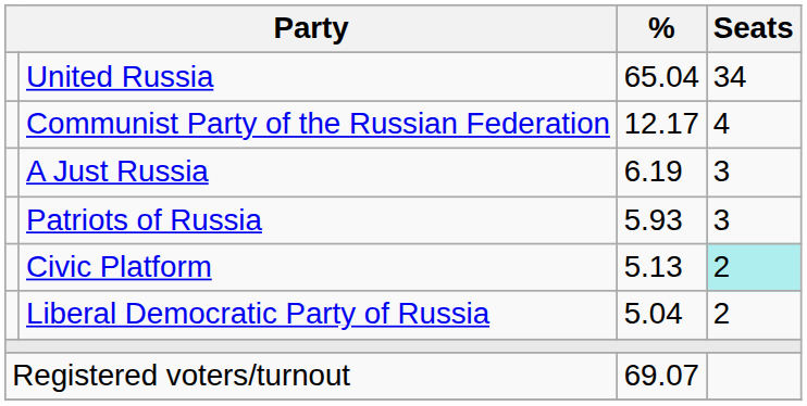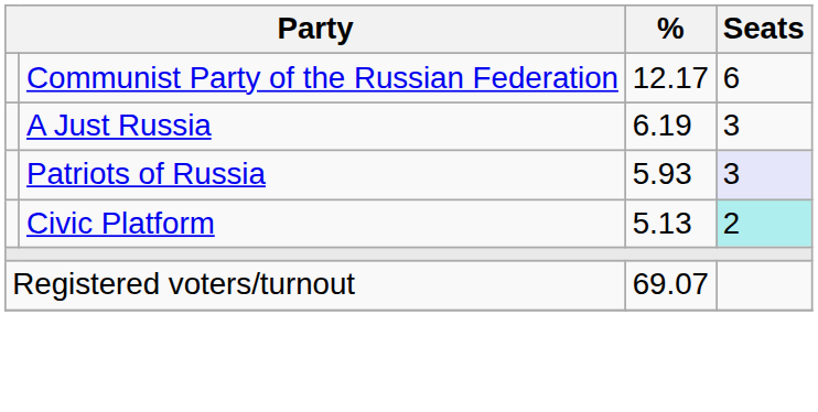 <table class="wikitable">
 <tr>
 <th colspan=2>Party</th>
 <th>%</th>
 <th>Seats</th>
 </tr>
 <tr>
 <td style="background:"></td>
-<td><a href='#'>United Russia</a></td>
-<td>65.04</td>
-<td>34</td>
-</tr>
-<tr>
-<td style="background:"></td>
 <td><a href='#'>Communist Party of the Russian Federation</a></td>
 <td>12.17</td>
-<td>4</td>
+<td>6</td>
 </tr>
 <tr>
 <td style="background:"></td>
 <td><a href='#'>A Just Russia</a></td>
 <td>6.19</td>
 <td>3</td>
 </tr>
 <tr>
 <td style="background:"></td>
 <td><a href='#'>Patriots of Russia</a></td>
 <td>5.93</td>
-<td>3</td>
+<td style="background: lavender;">3</td>
 </tr>
 <tr>
 <td style="background:"></td>
 <td><a href='#'>Civic Platform</a></td>
 <td>5.13</td>
 <td style="background: paleturquoise;">2</td>
-</tr>
-<tr>
-<td style="background:"></td>
-<td><a href='#'>Liberal Democratic Party of Russia</a></td>
-<td>5.04</td>
-<td>2</td>
 </tr>
 <tr>
 <td colspan=4 style="background:#E9E9E9;"></td>
 </tr>
 <tr>
 <td align=left colspan=2>Registered voters/turnout</td>
 <td>69.07</td>
 <td></td>
 </tr>
 <tr>
 </tr>
 </table>
